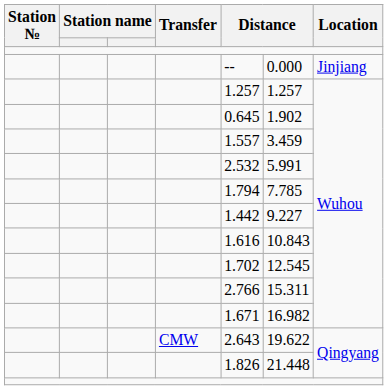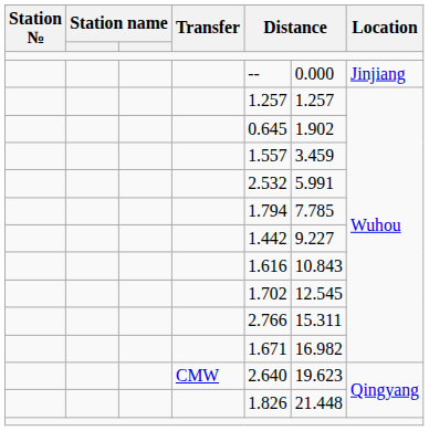 <table class="wikitable">
 <tr>
 <th rowspan="2">Station<br>№</th>
 <th colspan=2>Station name</th>
 <th rowspan=2>Transfer</th>
 <th colspan="2" rowspan="2">Distance<br></th>
 <th rowspan=2>Location</th>
 </tr>
 <tr>
 <th></th>
 <th></th>
 </tr>
 <tr style="background:#">
 <td colspan="7"></td>
 </tr>
 <tr>
 <td></td>
 <td></td>
 <td></td>
 <td></td>
 <td>--</td>
 <td>0.000</td>
 <td><a href='#'>Jinjiang</a></td>
 </tr>
 <tr>
 <td></td>
 <td></td>
 <td></td>
 <td></td>
 <td>1.257</td>
 <td>1.257</td>
 <td rowspan="10"><a href='#'>Wuhou</a></td>
 </tr>
 <tr>
 <td></td>
 <td></td>
 <td></td>
 <td> </td>
 <td>0.645</td>
 <td>1.902</td>
 </tr>
 <tr>
 <td></td>
 <td></td>
 <td></td>
 <td></td>
 <td>1.557</td>
 <td>3.459</td>
 </tr>
 <tr>
 <td></td>
 <td></td>
 <td></td>
 <td></td>
 <td>2.532</td>
 <td>5.991</td>
 </tr>
 <tr>
 <td></td>
 <td></td>
 <td></td>
 <td></td>
 <td>1.794</td>
 <td>7.785</td>
 </tr>
 <tr>
 <td></td>
 <td></td>
 <td></td>
 <td></td>
 <td>1.442</td>
 <td>9.227</td>
 </tr>
 <tr>
 <td></td>
 <td></td>
 <td></td>
 <td></td>
 <td>1.616</td>
 <td>10.843</td>
 </tr>
 <tr>
 <td></td>
 <td></td>
 <td></td>
 <td></td>
 <td>1.702</td>
 <td>12.545</td>
 </tr>
 <tr>
 <td></td>
 <td></td>
 <td></td>
 <td></td>
 <td>2.766</td>
 <td>15.311</td>
 </tr>
 <tr>
 <td></td>
 <td></td>
 <td></td>
 <td></td>
 <td>1.671</td>
 <td>16.982</td>
 </tr>
 <tr>
 <td></td>
 <td></td>
 <td></td>
 <td> <a href='#'>CMW</a><br> </td>
-<td>2.643</td>
-<td>19.622</td>
+<td>2.640</td>
+<td>19.623</td>
 <td rowspan="2"><a href='#'>Qingyang</a></td>
 </tr>
 <tr>
 <td></td>
 <td></td>
 <td></td>
 <td></td>
 <td>1.826</td>
 <td>21.448</td>
 </tr>
 <tr style="background:#">
 <td colspan="7"></td>
 </tr>
 </table>
